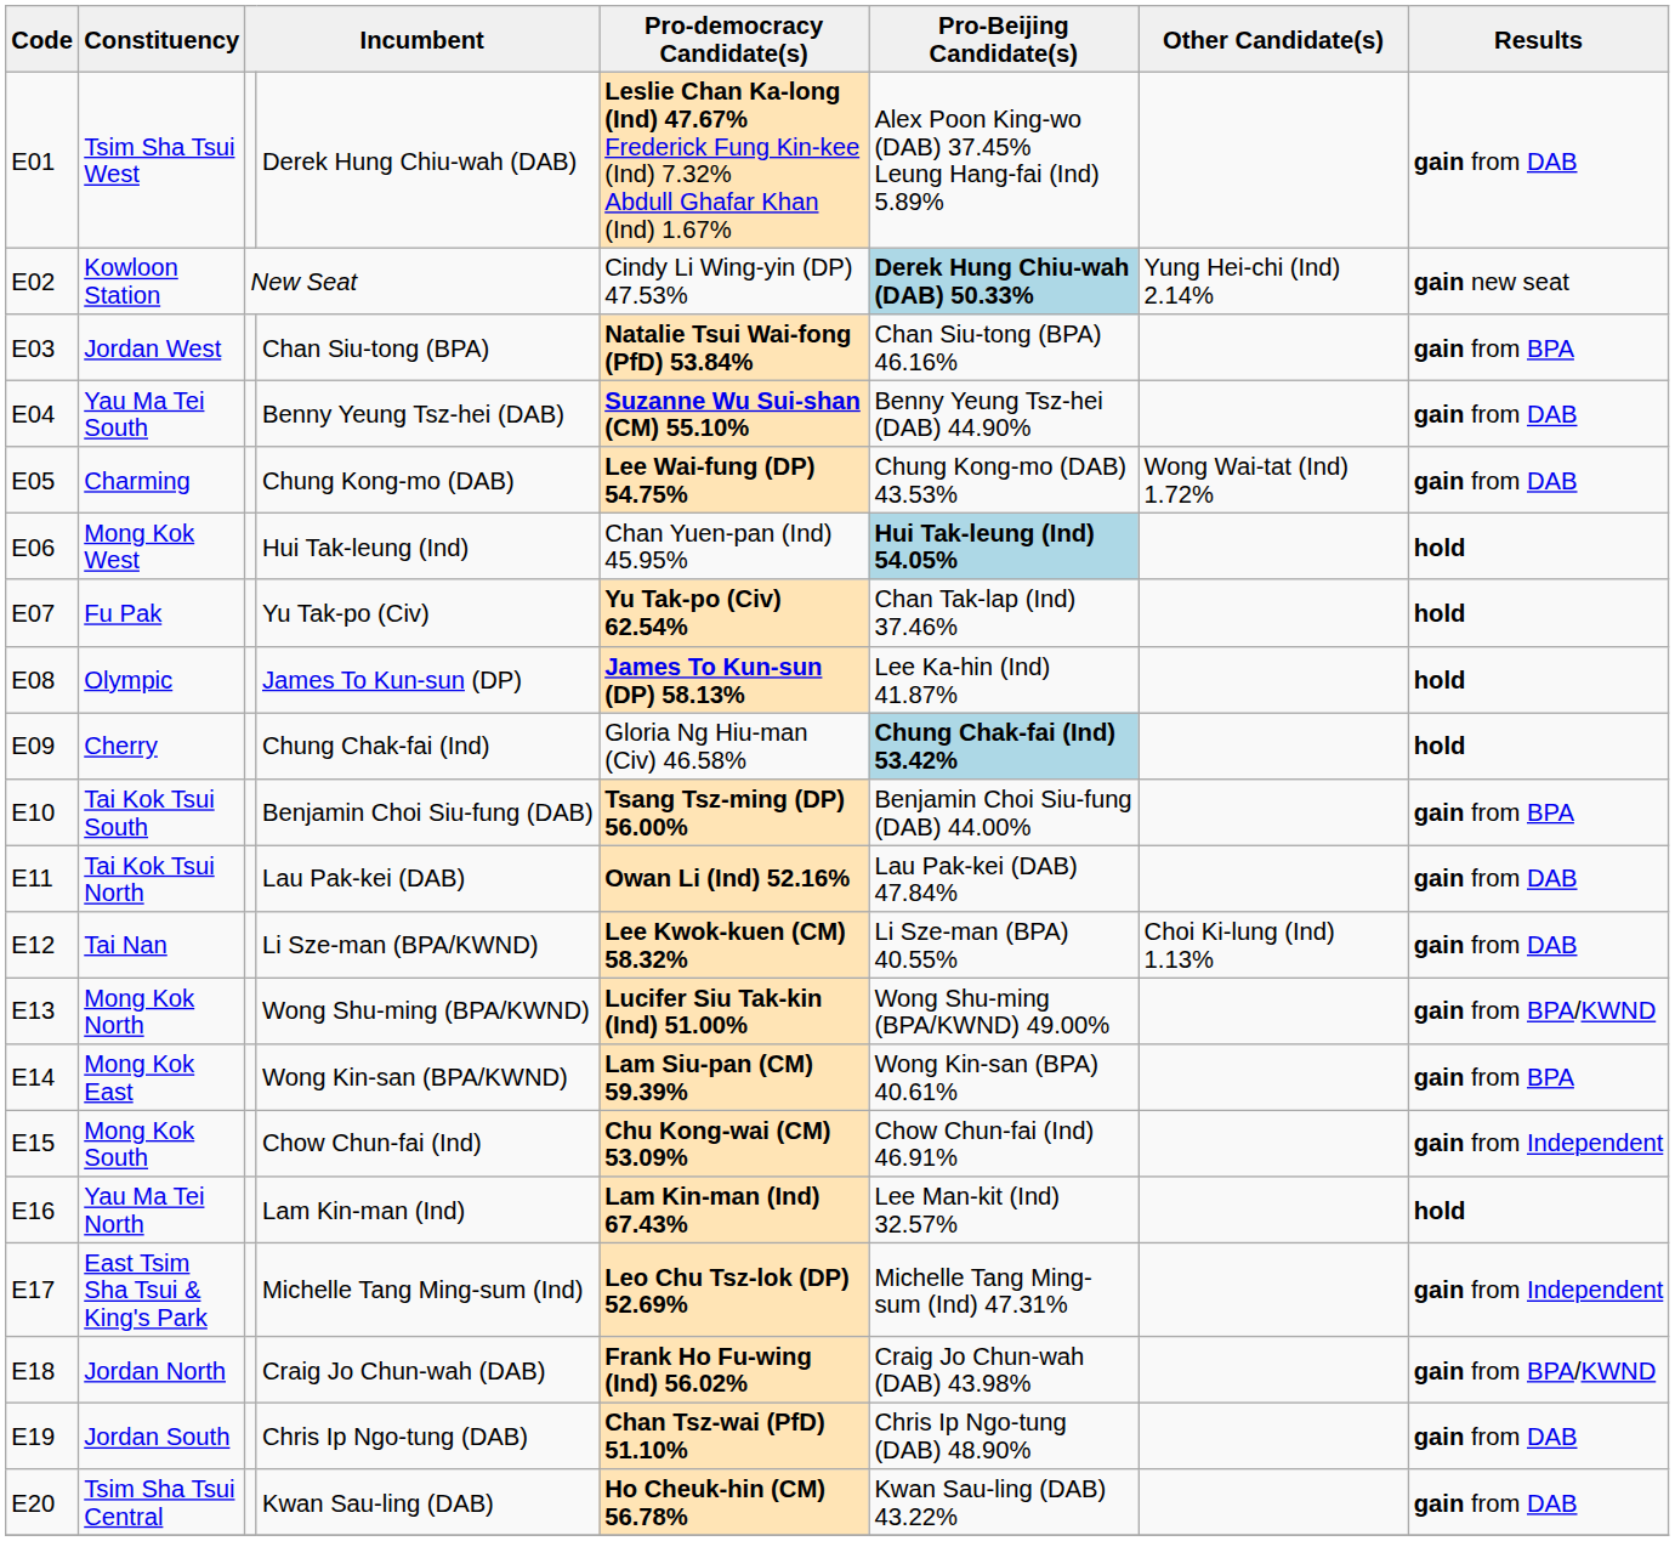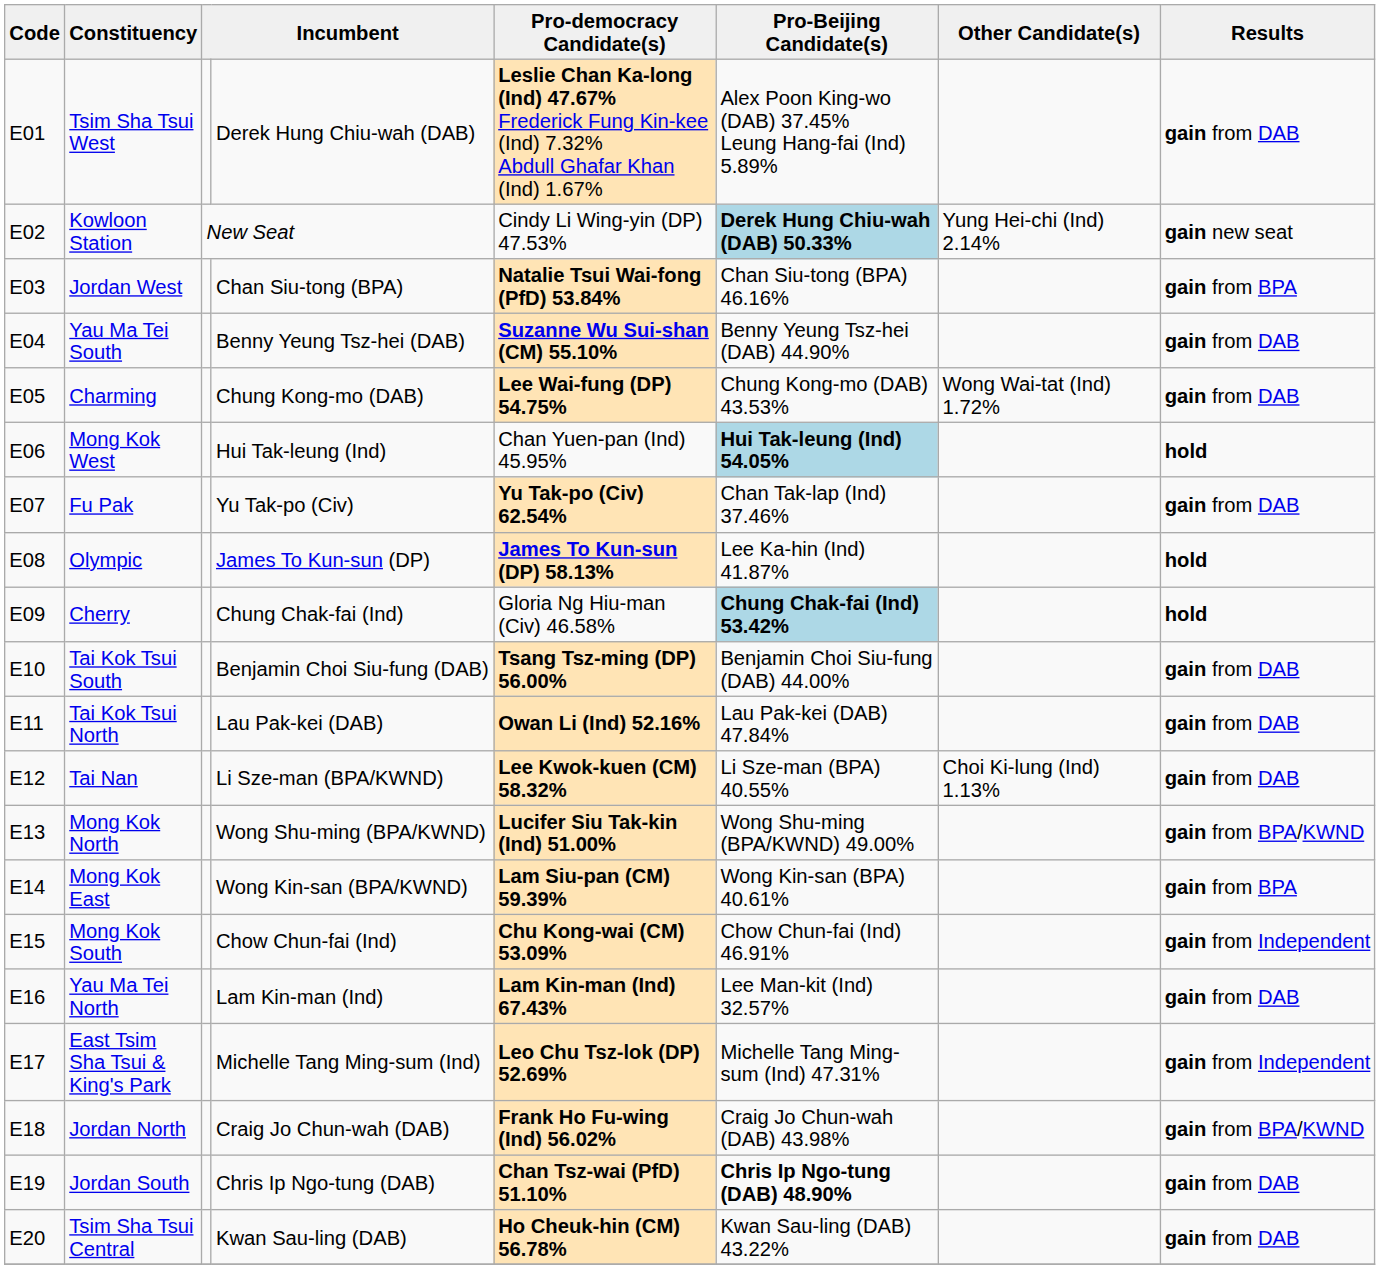 <table class="wikitable sortable" style="font-size: 95%;">
 <tr>
 <th align="center" style="background:#f0f0f0;" width="20px">Code</th>
 <th align="center" style="background:#f0f0f0;" width="90px">Constituency</th>
 <th align="center" style="background:#f0f0f0;" width="120px" colspan=2>Incumbent</th>
 <th align="center" style="background:#f0f0f0;" width="160px">Pro-democracy Candidate(s)</th>
 <th align="center" style="background:#f0f0f0;" width="160px">Pro-Beijing Candidate(s)</th>
 <th align="center" style="background:#f0f0f0;" width="160px">Other Candidate(s)</th>
 <th align="center" style="background:#f0f0f0;" width="100px" colspan="2">Results</th>
 </tr>
 <tr>
 <td>E01</td>
 <td><a href='#'>Tsim Sha Tsui West</a></td>
 <td></td>
 <td>Derek Hung Chiu-wah (DAB)</td>
 <td style="background-color:Moccasin"><strong>Leslie Chan Ka-long (Ind) 47.67%</strong><br><a href='#'>Frederick Fung Kin-kee</a> (Ind) 7.32%<br><a href='#'>Abdull Ghafar Khan</a> (Ind) 1.67%</td>
 <td>Alex Poon King-wo (DAB) 37.45%<br>Leung Hang-fai (Ind) 5.89%</td>
 <td></td>
 <td> <strong>gain</strong> from <a href='#'>DAB</a></td>
 </tr>
 <tr>
 <td>E02</td>
 <td><a href='#'>Kowloon Station</a></td>
 <td colspan=2><em>New Seat</em></td>
 <td>Cindy Li Wing-yin (DP) 47.53%</td>
 <td style="background-color:LightBlue"><strong>Derek Hung Chiu-wah (DAB) 50.33%</strong></td>
 <td>Yung Hei-chi (Ind) 2.14%</td>
 <td> <strong>gain</strong> new seat</td>
 </tr>
 <tr>
 <td>E03</td>
 <td><a href='#'>Jordan West</a></td>
 <td></td>
 <td>Chan Siu-tong (BPA)</td>
 <td style="background-color:Moccasin"><strong>Natalie Tsui Wai-fong (PfD) 53.84%</strong></td>
 <td>Chan Siu-tong (BPA) 46.16%</td>
 <td></td>
 <td> <strong>gain</strong> from <a href='#'>BPA</a></td>
 </tr>
 <tr>
 <td>E04</td>
 <td><a href='#'>Yau Ma Tei South</a></td>
 <td></td>
 <td>Benny Yeung Tsz-hei (DAB)</td>
 <td style="background-color:Moccasin"><strong><a href='#'>Suzanne Wu Sui-shan</a> (CM) 55.10%</strong></td>
 <td>Benny Yeung Tsz-hei (DAB) 44.90%</td>
 <td></td>
 <td> <strong>gain</strong> from <a href='#'>DAB</a></td>
 </tr>
 <tr>
 <td>E05</td>
 <td><a href='#'>Charming</a></td>
 <td></td>
 <td>Chung Kong-mo (DAB)</td>
 <td style="background-color:Moccasin"><strong>Lee Wai-fung (DP) 54.75%</strong></td>
 <td>Chung Kong-mo (DAB) 43.53%</td>
 <td>Wong Wai-tat (Ind) 1.72%</td>
 <td> <strong>gain</strong> from <a href='#'>DAB</a></td>
 </tr>
 <tr>
 <td>E06</td>
 <td><a href='#'>Mong Kok West</a></td>
 <td></td>
 <td>Hui Tak-leung (Ind)</td>
 <td>Chan Yuen-pan (Ind) 45.95%</td>
 <td style="background-color:LightBlue"><strong>Hui Tak-leung (Ind) 54.05%</strong></td>
 <td></td>
 <td> <strong>hold</strong></td>
 </tr>
 <tr>
 <td>E07</td>
 <td><a href='#'>Fu Pak</a></td>
 <td></td>
 <td>Yu Tak-po (Civ)</td>
 <td style="background-color:Moccasin"><strong>Yu Tak-po (Civ) 62.54%</strong></td>
 <td>Chan Tak-lap (Ind) 37.46%</td>
 <td></td>
-<td> <strong>hold</strong></td>
+<td> <strong>gain</strong> from <a href='#'>DAB</a></td>
 </tr>
 <tr>
 <td>E08</td>
 <td><a href='#'>Olympic</a></td>
 <td></td>
 <td><a href='#'>James To Kun-sun</a> (DP)</td>
 <td style="background-color:Moccasin"><strong><a href='#'>James To Kun-sun</a> (DP) 58.13%</strong></td>
 <td>Lee Ka-hin (Ind) 41.87%</td>
 <td></td>
 <td> <strong>hold</strong></td>
 </tr>
 <tr>
 <td>E09</td>
 <td><a href='#'>Cherry</a></td>
 <td></td>
 <td>Chung Chak-fai (Ind)</td>
 <td>Gloria Ng Hiu-man (Civ) 46.58%</td>
 <td style="background-color:LightBlue"><strong>Chung Chak-fai (Ind) 53.42%</strong></td>
 <td></td>
 <td> <strong>hold</strong></td>
 </tr>
 <tr>
 <td>E10</td>
 <td><a href='#'>Tai Kok Tsui South</a></td>
 <td></td>
 <td>Benjamin Choi Siu-fung (DAB)</td>
 <td style="background-color:Moccasin"><strong>Tsang Tsz-ming (DP) 56.00%</strong></td>
 <td>Benjamin Choi Siu-fung (DAB) 44.00%</td>
 <td></td>
-<td> <strong>gain</strong> from <a href='#'>BPA</a></td>
+<td> <strong>gain</strong> from <a href='#'>DAB</a></td>
 </tr>
 <tr>
 <td>E11</td>
 <td><a href='#'>Tai Kok Tsui North</a></td>
 <td></td>
 <td>Lau Pak-kei (DAB)</td>
 <td style="background-color:Moccasin"><strong>Owan Li (Ind) 52.16%</strong></td>
 <td>Lau Pak-kei (DAB) 47.84%</td>
 <td></td>
 <td> <strong>gain</strong> from <a href='#'>DAB</a></td>
 </tr>
 <tr>
 <td>E12</td>
 <td><a href='#'>Tai Nan</a></td>
 <td></td>
 <td>Li Sze-man (BPA/KWND)</td>
 <td style="background-color:Moccasin"><strong>Lee Kwok-kuen (CM) 58.32%</strong></td>
 <td>Li Sze-man (BPA) 40.55%</td>
 <td>Choi Ki-lung (Ind) 1.13%</td>
 <td> <strong>gain</strong> from <a href='#'>DAB</a></td>
 </tr>
 <tr>
 <td>E13</td>
 <td><a href='#'>Mong Kok North</a></td>
 <td></td>
 <td>Wong Shu-ming (BPA/KWND)</td>
 <td style="background-color:Moccasin"><strong>Lucifer Siu Tak-kin (Ind) 51.00%</strong></td>
 <td>Wong Shu-ming (BPA/KWND) 49.00%</td>
 <td></td>
 <td> <strong>gain</strong> from <a href='#'>BPA</a>/<a href='#'>KWND</a></td>
 </tr>
 <tr>
 <td>E14</td>
 <td><a href='#'>Mong Kok East</a></td>
 <td></td>
 <td>Wong Kin-san (BPA/KWND)</td>
 <td style="background-color:Moccasin"><strong>Lam Siu-pan (CM) 59.39%</strong></td>
 <td>Wong Kin-san (BPA) 40.61%</td>
 <td></td>
 <td> <strong>gain</strong> from <a href='#'>BPA</a></td>
 </tr>
 <tr>
 <td>E15</td>
 <td><a href='#'>Mong Kok South</a></td>
 <td></td>
 <td>Chow Chun-fai (Ind)</td>
 <td style="background-color:Moccasin"><strong>Chu Kong-wai (CM) 53.09%</strong></td>
 <td>Chow Chun-fai (Ind) 46.91%</td>
 <td></td>
 <td> <strong>gain</strong> from <a href='#'>Independent</a></td>
 </tr>
 <tr>
 <td>E16</td>
 <td><a href='#'>Yau Ma Tei North</a></td>
 <td></td>
 <td>Lam Kin-man (Ind)</td>
 <td style="background-color:Moccasin"><strong>Lam Kin-man (Ind) 67.43%</strong></td>
 <td>Lee Man-kit (Ind) 32.57%</td>
 <td></td>
-<td> <strong>hold</strong></td>
+<td> <strong>gain</strong> from <a href='#'>DAB</a></td>
 </tr>
 <tr>
 <td>E17</td>
 <td><a href='#'>East Tsim Sha Tsui & King's Park</a></td>
 <td></td>
 <td>Michelle Tang Ming-sum (Ind)</td>
 <td style="background-color:Moccasin"><strong>Leo Chu Tsz-lok (DP) 52.69%</strong></td>
 <td>Michelle Tang Ming-sum (Ind) 47.31%</td>
 <td></td>
 <td> <strong>gain</strong> from <a href='#'>Independent</a></td>
 </tr>
 <tr>
 <td>E18</td>
 <td><a href='#'>Jordan North</a></td>
 <td></td>
 <td>Craig Jo Chun-wah (DAB)</td>
 <td style="background-color:Moccasin"><strong>Frank Ho Fu-wing (Ind) 56.02%</strong></td>
 <td>Craig Jo Chun-wah (DAB) 43.98%</td>
 <td></td>
 <td> <strong>gain</strong> from <a href='#'>BPA</a>/<a href='#'>KWND</a></td>
 </tr>
 <tr>
 <td>E19</td>
 <td><a href='#'>Jordan South</a></td>
 <td></td>
 <td>Chris Ip Ngo-tung (DAB)</td>
 <td style="background-color:Moccasin"><strong>Chan Tsz-wai (PfD) 51.10%</strong></td>
-<td>Chris Ip Ngo-tung (DAB) 48.90%</td>
+<td><strong>Chris Ip Ngo-tung (DAB) 48.90%</strong></td>
 <td></td>
 <td> <strong>gain</strong> from <a href='#'>DAB</a></td>
 </tr>
 <tr>
 <td>E20</td>
 <td><a href='#'>Tsim Sha Tsui Central</a></td>
 <td></td>
 <td>Kwan Sau-ling (DAB)</td>
 <td style="background-color:Moccasin"><strong>Ho Cheuk-hin (CM) 56.78%</strong></td>
 <td>Kwan Sau-ling (DAB) 43.22%</td>
 <td></td>
 <td> <strong>gain</strong> from <a href='#'>DAB</a></td>
 </tr>
 <tr>
 </tr>
 </table>
